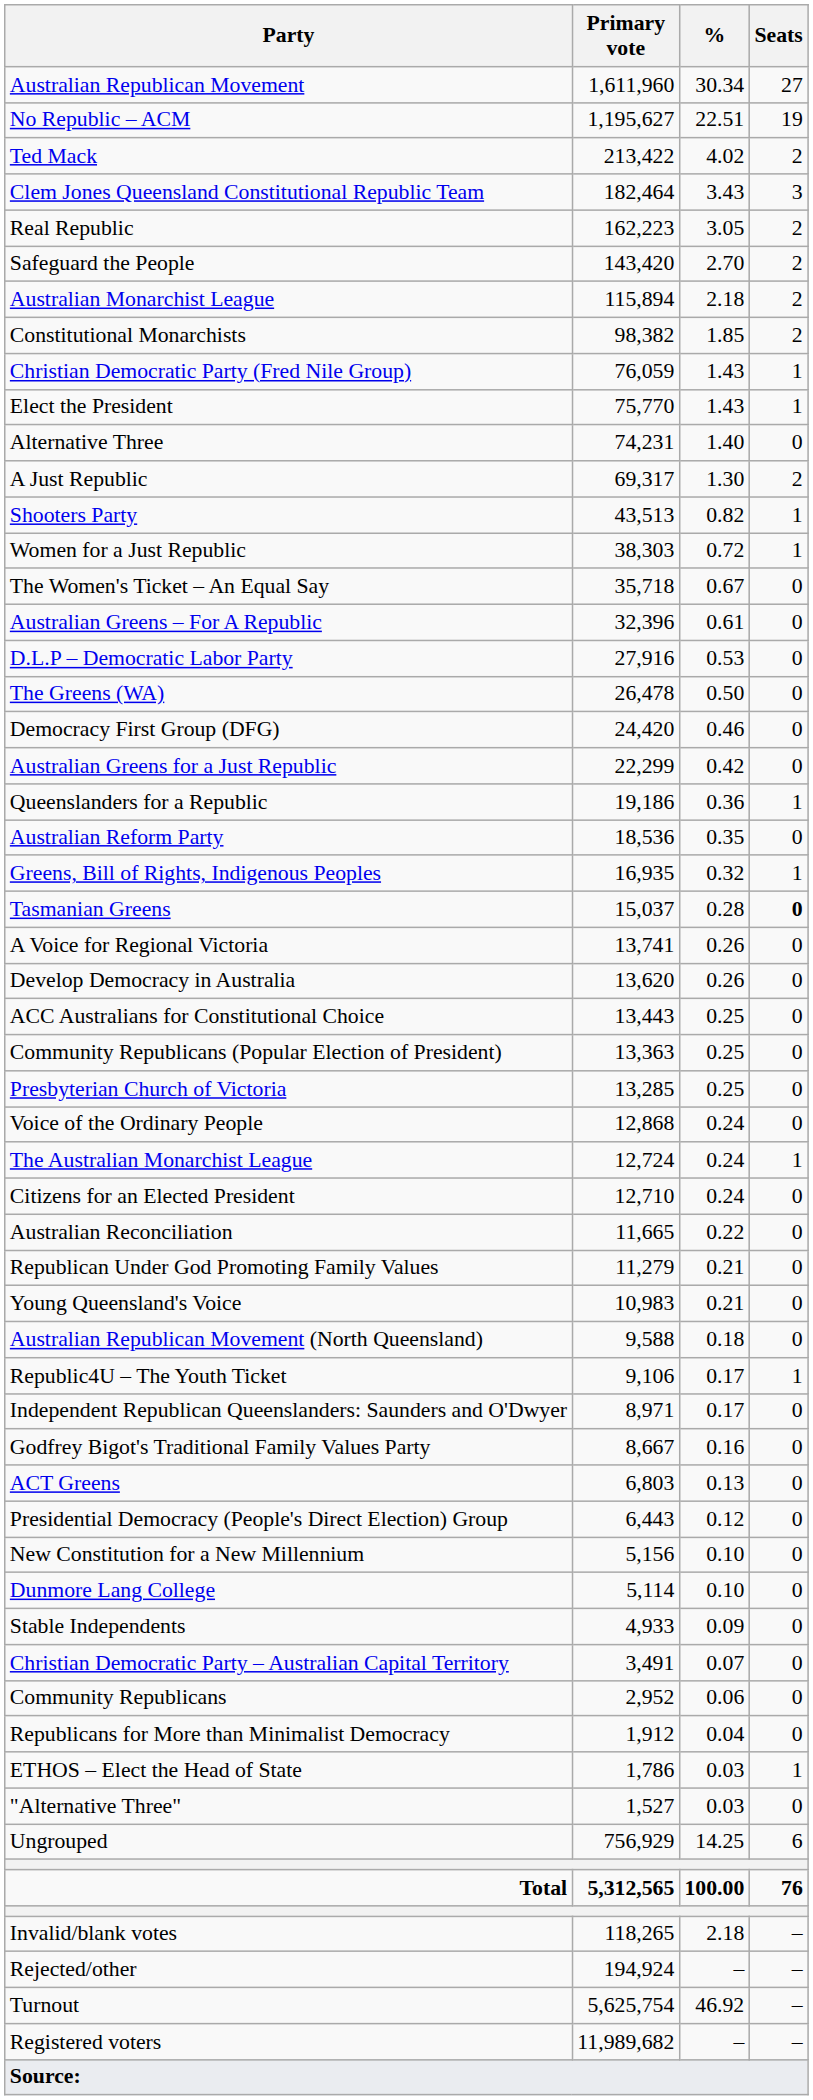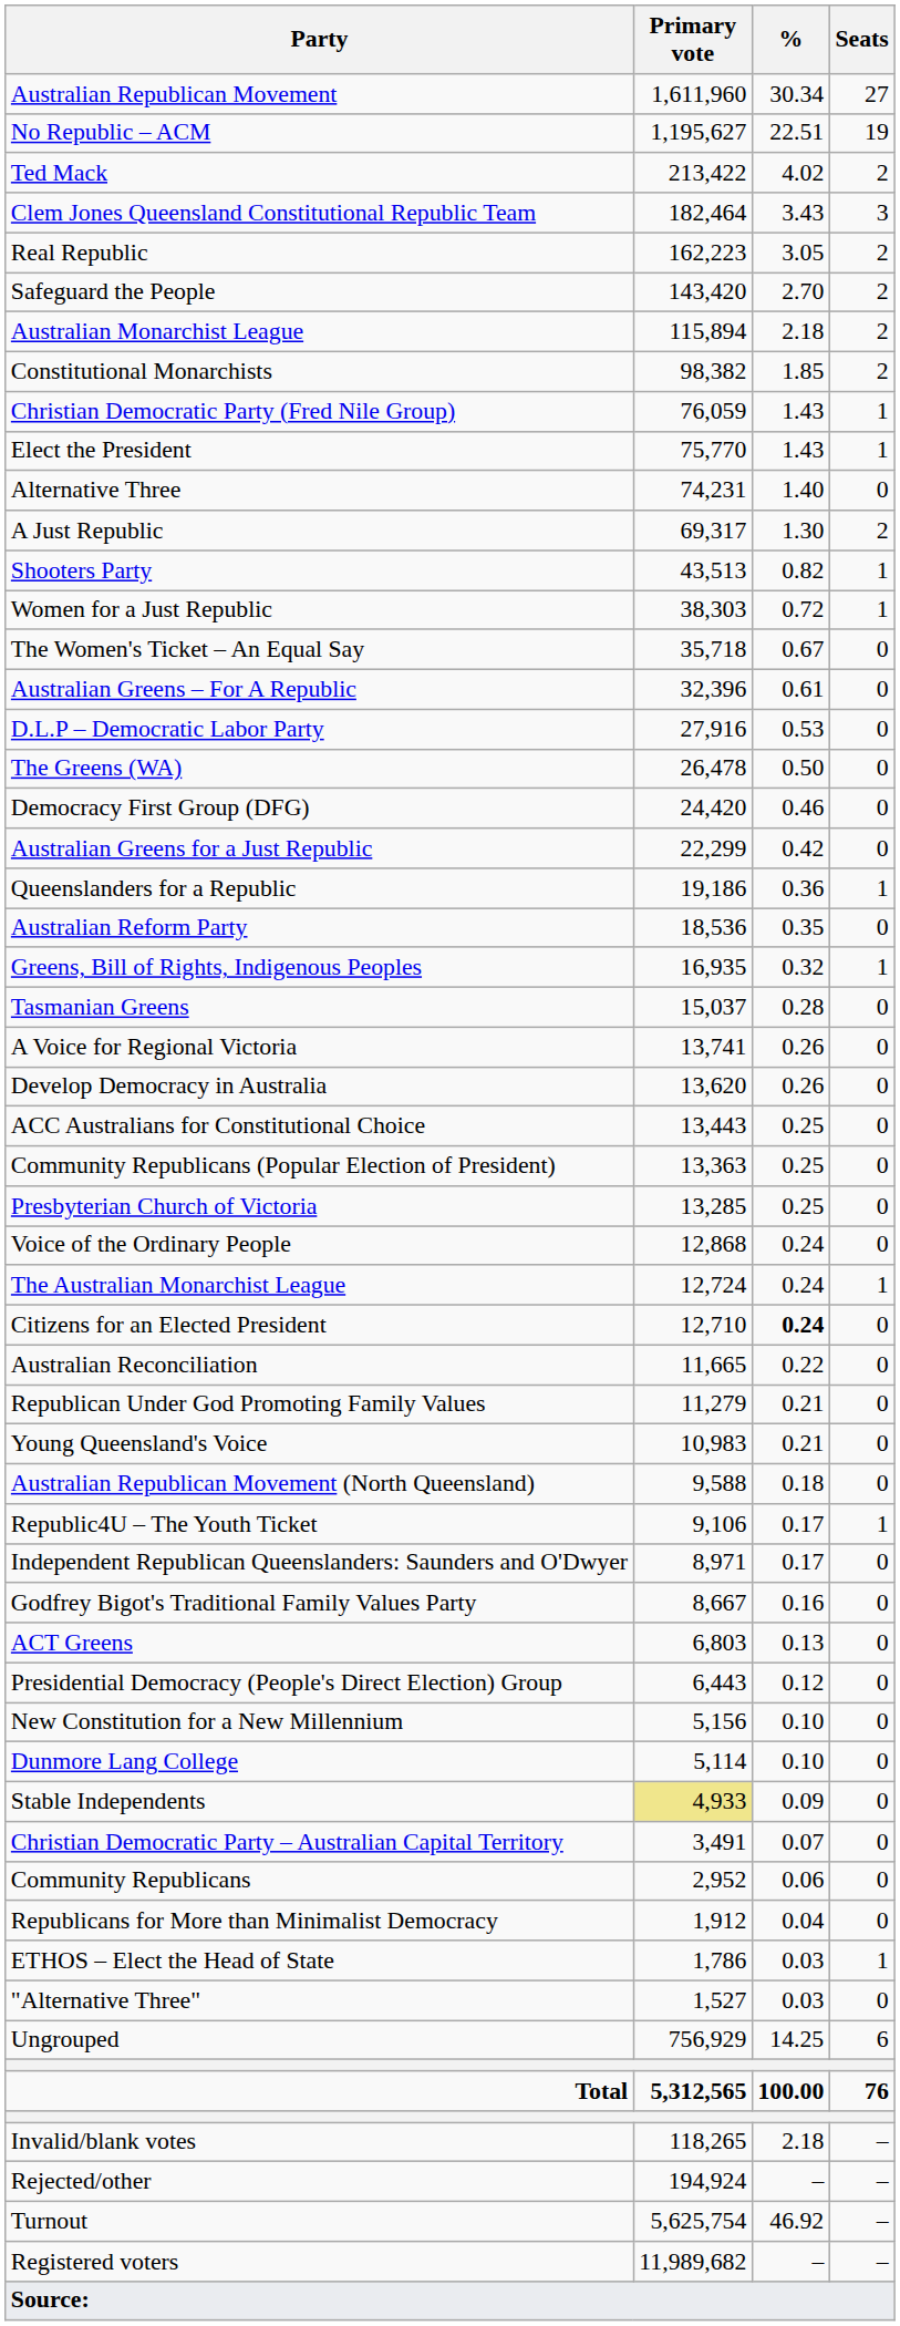 <table class="wikitable sortable" style="text-align:right; font-size:90%">
 <tr>
 <th>Party</th>
 <th>Primary<br>vote</th>
 <th>%</th>
 <th>Seats</th>
 </tr>
 <tr>
 <td align=left><a href='#'>Australian Republican Movement</a></td>
 <td>1,611,960</td>
 <td>30.34</td>
 <td>27</td>
 </tr>
 <tr>
 <td align=left><a href='#'>No Republic – ACM</a></td>
 <td>1,195,627</td>
 <td>22.51</td>
 <td>19</td>
 </tr>
 <tr>
 <td align=left><a href='#'>Ted Mack</a></td>
 <td>213,422</td>
 <td>4.02</td>
 <td>2</td>
 </tr>
 <tr>
 <td align=left><a href='#'>Clem Jones Queensland Constitutional Republic Team</a></td>
 <td>182,464</td>
 <td>3.43</td>
 <td>3</td>
 </tr>
 <tr>
 <td align=left>Real Republic</td>
 <td>162,223</td>
 <td>3.05</td>
 <td>2</td>
 </tr>
 <tr>
 <td align=left>Safeguard the People</td>
 <td>143,420</td>
 <td>2.70</td>
 <td>2</td>
 </tr>
 <tr>
 <td align=left><a href='#'>Australian Monarchist League</a></td>
 <td>115,894</td>
 <td>2.18</td>
 <td>2</td>
 </tr>
 <tr>
 <td align=left>Constitutional Monarchists</td>
 <td>98,382</td>
 <td>1.85</td>
 <td>2</td>
 </tr>
 <tr>
 <td align=left><a href='#'>Christian Democratic Party (Fred Nile Group)</a></td>
 <td>76,059</td>
 <td>1.43</td>
 <td>1</td>
 </tr>
 <tr>
 <td align=left>Elect the President</td>
 <td>75,770</td>
 <td>1.43</td>
 <td>1</td>
 </tr>
 <tr>
 <td align=left>Alternative Three</td>
 <td>74,231</td>
 <td>1.40</td>
 <td>0</td>
 </tr>
 <tr>
 <td align=left>A Just Republic</td>
 <td>69,317</td>
 <td>1.30</td>
 <td>2</td>
 </tr>
 <tr>
 <td align=left><a href='#'>Shooters Party</a></td>
 <td>43,513</td>
 <td>0.82</td>
 <td>1</td>
 </tr>
 <tr>
 <td align=left>Women for a Just Republic</td>
 <td>38,303</td>
 <td>0.72</td>
 <td>1</td>
 </tr>
 <tr>
 <td align=left>The Women's Ticket – An Equal Say</td>
 <td>35,718</td>
 <td>0.67</td>
 <td>0</td>
 </tr>
 <tr>
 <td align=left><a href='#'>Australian Greens – For A Republic</a></td>
 <td>32,396</td>
 <td>0.61</td>
 <td>0</td>
 </tr>
 <tr>
 <td align=left><a href='#'>D.L.P – Democratic Labor Party</a></td>
 <td>27,916</td>
 <td>0.53</td>
 <td>0</td>
 </tr>
 <tr>
 <td align=left><a href='#'>The Greens (WA)</a></td>
 <td>26,478</td>
 <td>0.50</td>
 <td>0</td>
 </tr>
 <tr>
 <td align=left>Democracy First Group (DFG)</td>
 <td>24,420</td>
 <td>0.46</td>
 <td>0</td>
 </tr>
 <tr>
 <td align=left><a href='#'>Australian Greens for a Just Republic</a></td>
 <td>22,299</td>
 <td>0.42</td>
 <td>0</td>
 </tr>
 <tr>
 <td align=left>Queenslanders for a Republic</td>
 <td>19,186</td>
 <td>0.36</td>
 <td>1</td>
 </tr>
 <tr>
 <td align=left><a href='#'>Australian Reform Party</a></td>
 <td>18,536</td>
 <td>0.35</td>
 <td>0</td>
 </tr>
 <tr>
 <td align=left><a href='#'>Greens, Bill of Rights, Indigenous Peoples</a></td>
 <td>16,935</td>
 <td>0.32</td>
 <td>1</td>
 </tr>
 <tr>
 <td align=left><a href='#'>Tasmanian Greens</a></td>
 <td>15,037</td>
 <td>0.28</td>
-<td><strong>0</strong></td>
+<td>0</td>
 </tr>
 <tr>
 <td align=left>A Voice for Regional Victoria</td>
 <td>13,741</td>
 <td>0.26</td>
 <td>0</td>
 </tr>
 <tr>
 <td align=left>Develop Democracy in Australia</td>
 <td>13,620</td>
 <td>0.26</td>
 <td>0</td>
 </tr>
 <tr>
 <td align=left>ACC Australians for Constitutional Choice</td>
 <td>13,443</td>
 <td>0.25</td>
 <td>0</td>
 </tr>
 <tr>
 <td align=left>Community Republicans (Popular Election of President)</td>
 <td>13,363</td>
 <td>0.25</td>
 <td>0</td>
 </tr>
 <tr>
 <td align=left><a href='#'>Presbyterian Church of Victoria</a></td>
 <td>13,285</td>
 <td>0.25</td>
 <td>0</td>
 </tr>
 <tr>
 <td align=left>Voice of the Ordinary People</td>
 <td>12,868</td>
 <td>0.24</td>
 <td>0</td>
 </tr>
 <tr>
 <td align=left><a href='#'>The Australian Monarchist League</a></td>
 <td>12,724</td>
 <td>0.24</td>
 <td>1</td>
 </tr>
 <tr>
 <td align=left>Citizens for an Elected President</td>
 <td>12,710</td>
-<td>0.24</td>
+<td><strong>0.24</strong></td>
 <td>0</td>
 </tr>
 <tr>
 <td align=left>Australian Reconciliation</td>
 <td>11,665</td>
 <td>0.22</td>
 <td>0</td>
 </tr>
 <tr>
 <td align=left>Republican Under God Promoting Family Values</td>
 <td>11,279</td>
 <td>0.21</td>
 <td>0</td>
 </tr>
 <tr>
 <td align=left>Young Queensland's Voice</td>
 <td>10,983</td>
 <td>0.21</td>
 <td>0</td>
 </tr>
 <tr>
 <td align=left><a href='#'>Australian Republican Movement</a> (North Queensland)</td>
 <td>9,588</td>
 <td>0.18</td>
 <td>0</td>
 </tr>
 <tr>
 <td align=left>Republic4U – The Youth Ticket</td>
 <td>9,106</td>
 <td>0.17</td>
 <td>1</td>
 </tr>
 <tr>
 <td align=left>Independent Republican Queenslanders: Saunders and O'Dwyer</td>
 <td>8,971</td>
 <td>0.17</td>
 <td>0</td>
 </tr>
 <tr>
 <td align=left>Godfrey Bigot's Traditional Family Values Party</td>
 <td>8,667</td>
 <td>0.16</td>
 <td>0</td>
 </tr>
 <tr>
 <td align=left><a href='#'>ACT Greens</a></td>
 <td>6,803</td>
 <td>0.13</td>
 <td>0</td>
 </tr>
 <tr>
 <td align=left>Presidential Democracy (People's Direct Election) Group</td>
 <td>6,443</td>
 <td>0.12</td>
 <td>0</td>
 </tr>
 <tr>
 <td align=left>New Constitution for a New Millennium</td>
 <td>5,156</td>
 <td>0.10</td>
 <td>0</td>
 </tr>
 <tr>
 <td align=left><a href='#'>Dunmore Lang College</a></td>
 <td>5,114</td>
 <td>0.10</td>
 <td>0</td>
 </tr>
 <tr>
 <td align=left>Stable Independents</td>
-<td>4,933</td>
+<td style="background: khaki;">4,933</td>
 <td>0.09</td>
 <td>0</td>
 </tr>
 <tr>
 <td align=left><a href='#'>Christian Democratic Party – Australian Capital Territory</a></td>
 <td>3,491</td>
 <td>0.07</td>
 <td>0</td>
 </tr>
 <tr>
 <td align=left>Community Republicans</td>
 <td>2,952</td>
 <td>0.06</td>
 <td>0</td>
 </tr>
 <tr>
 <td align=left>Republicans for More than Minimalist Democracy</td>
 <td>1,912</td>
 <td>0.04</td>
 <td>0</td>
 </tr>
 <tr>
 <td align=left>ETHOS – Elect the Head of State</td>
 <td>1,786</td>
 <td>0.03</td>
 <td>1</td>
 </tr>
 <tr>
 <td align=left>"Alternative Three"</td>
 <td>1,527</td>
 <td>0.03</td>
 <td>0</td>
 </tr>
 <tr>
 <td align=left>Ungrouped</td>
 <td>756,929</td>
 <td>14.25</td>
 <td>6</td>
 </tr>
 <tr>
 <th colspan=4></th>
 </tr>
 <tr>
 <td><strong>Total</strong></td>
 <td><strong>5,312,565</strong></td>
 <td><strong>100.00</strong></td>
 <td><strong>76</strong></td>
 </tr>
 <tr>
 <th colspan=4></th>
 </tr>
 <tr>
 <td align=left>Invalid/blank votes</td>
 <td>118,265</td>
 <td>2.18</td>
 <td>–</td>
 </tr>
 <tr>
 <td align=left>Rejected/other</td>
 <td>194,924</td>
 <td>–</td>
 <td>–</td>
 </tr>
 <tr>
 <td align=left>Turnout</td>
 <td>5,625,754</td>
 <td>46.92</td>
 <td>–</td>
 </tr>
 <tr>
 <td align=left>Registered voters</td>
 <td>11,989,682</td>
 <td>–</td>
 <td>–</td>
 </tr>
 <tr>
 <td colspan=4 style="text-align:left; background-color:#eaecf0"><strong>Source:</strong> </td>
 </tr>
 </table>
